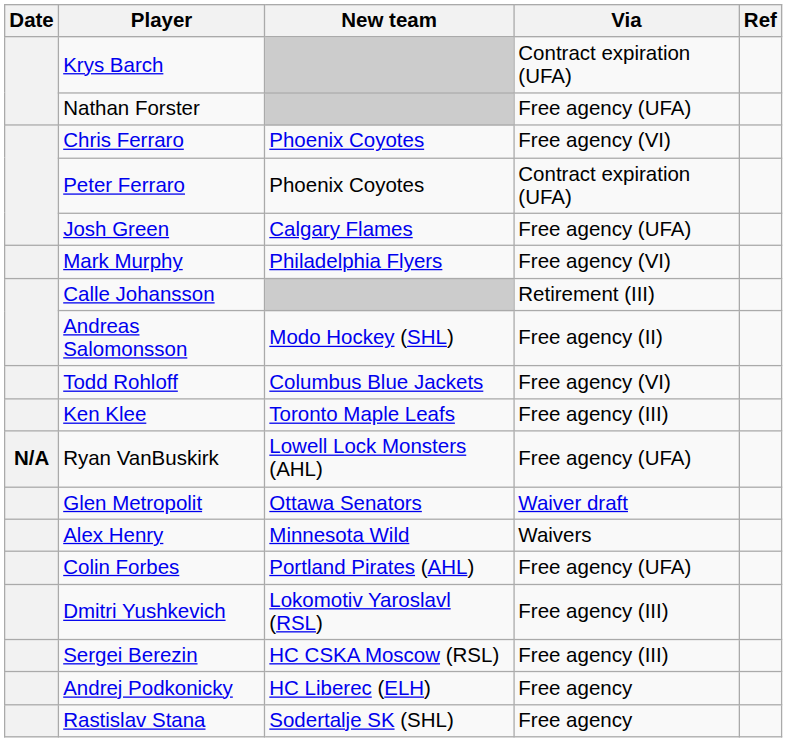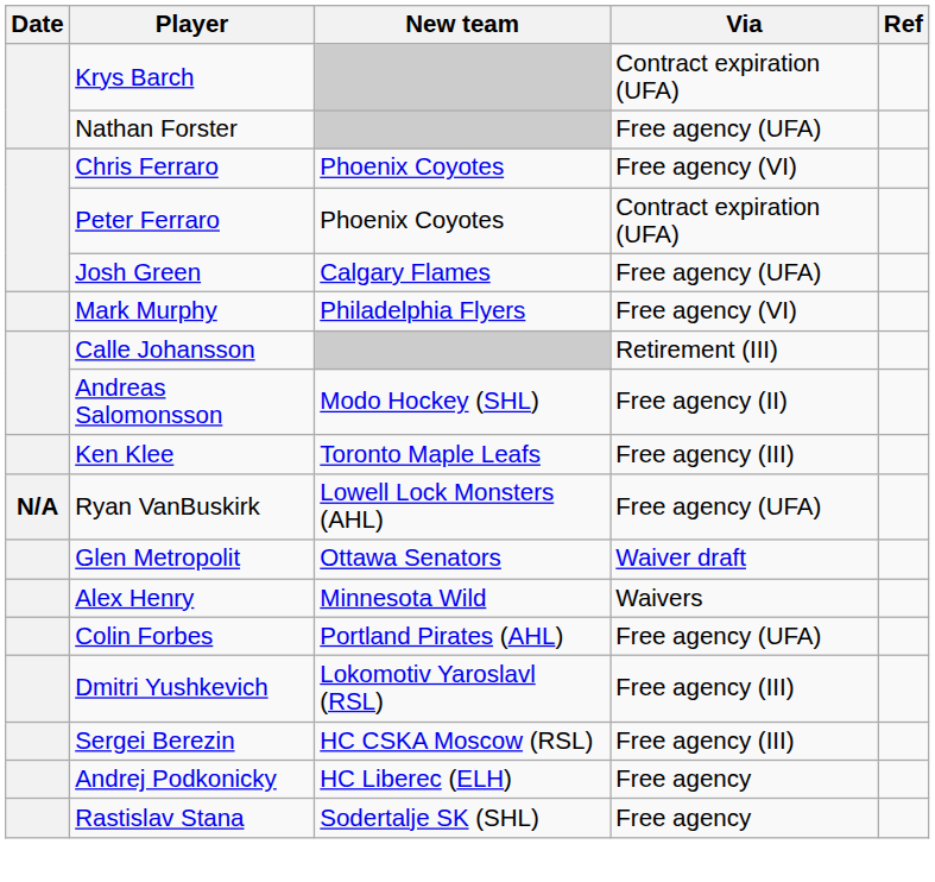 <table class="wikitable plainrowheaders">
 <tr style="background:#ddd; text-align:center;">
 <th>Date</th>
 <th>Player</th>
 <th>New team</th>
 <th>Via</th>
 <th>Ref</th>
 </tr>
 <tr>
 <th scope="row" rowspan=2></th>
 <td><a href='#'>Krys Barch</a></td>
 <td style="background:#ccc"></td>
 <td>Contract expiration (UFA)</td>
 <td></td>
 </tr>
 <tr>
 <td>Nathan Forster</td>
 <td style="background:#ccc"></td>
 <td>Free agency (UFA)</td>
 <td></td>
 </tr>
 <tr>
 <th scope="row" rowspan=3></th>
 <td><a href='#'>Chris Ferraro</a></td>
 <td><a href='#'>Phoenix Coyotes</a></td>
 <td>Free agency (VI)</td>
 <td></td>
 </tr>
 <tr>
 <td><a href='#'>Peter Ferraro</a></td>
 <td>Phoenix Coyotes</td>
 <td>Contract expiration (UFA)</td>
 <td></td>
 </tr>
 <tr>
 <td><a href='#'>Josh Green</a></td>
 <td><a href='#'>Calgary Flames</a></td>
 <td>Free agency (UFA)</td>
 <td></td>
 </tr>
 <tr>
 <th scope="row"></th>
 <td><a href='#'>Mark Murphy</a></td>
 <td><a href='#'>Philadelphia Flyers</a></td>
 <td>Free agency (VI)</td>
 <td></td>
 </tr>
 <tr>
 <th scope="row" rowspan=2></th>
 <td><a href='#'>Calle Johansson</a></td>
 <td style="background:#ccc"></td>
 <td>Retirement (III)</td>
 <td></td>
 </tr>
 <tr>
 <td><a href='#'>Andreas Salomonsson</a></td>
 <td><a href='#'>Modo Hockey</a> (<a href='#'>SHL</a>)</td>
 <td>Free agency (II)</td>
-<td></td>
-</tr>
-<tr>
-<th scope="row"></th>
-<td><a href='#'>Todd Rohloff</a></td>
-<td><a href='#'>Columbus Blue Jackets</a></td>
-<td>Free agency (VI)</td>
 <td></td>
 </tr>
 <tr>
 <th scope="row"></th>
 <td><a href='#'>Ken Klee</a></td>
 <td><a href='#'>Toronto Maple Leafs</a></td>
 <td>Free agency (III)</td>
 <td></td>
 </tr>
 <tr>
 <th scope="row">N/A</th>
 <td>Ryan VanBuskirk</td>
 <td><a href='#'>Lowell Lock Monsters</a> (AHL)</td>
 <td>Free agency (UFA)</td>
 <td></td>
 </tr>
 <tr>
 <th scope="row"></th>
 <td><a href='#'>Glen Metropolit</a></td>
 <td><a href='#'>Ottawa Senators</a></td>
 <td><a href='#'>Waiver draft</a></td>
 <td></td>
 </tr>
 <tr>
 <th scope="row"></th>
 <td><a href='#'>Alex Henry</a></td>
 <td><a href='#'>Minnesota Wild</a></td>
 <td>Waivers</td>
 <td></td>
 </tr>
 <tr>
 <th scope="row"></th>
 <td><a href='#'>Colin Forbes</a></td>
 <td><a href='#'>Portland Pirates</a> (<a href='#'>AHL</a>)</td>
 <td>Free agency (UFA)</td>
 <td></td>
 </tr>
 <tr>
 <th scope="row"></th>
 <td><a href='#'>Dmitri Yushkevich</a></td>
 <td><a href='#'>Lokomotiv Yaroslavl</a> (<a href='#'>RSL</a>)</td>
 <td>Free agency (III)</td>
 <td></td>
 </tr>
 <tr>
 <th scope="row"></th>
 <td><a href='#'>Sergei Berezin</a></td>
 <td><a href='#'>HC CSKA Moscow</a> (RSL)</td>
 <td>Free agency (III)</td>
 <td></td>
 </tr>
 <tr>
 <th scope="row"></th>
 <td><a href='#'>Andrej Podkonicky</a></td>
 <td><a href='#'>HC Liberec</a> (<a href='#'>ELH</a>)</td>
 <td>Free agency</td>
 <td></td>
 </tr>
 <tr>
 <th scope="row"></th>
 <td><a href='#'>Rastislav Stana</a></td>
 <td><a href='#'>Sodertalje SK</a> (SHL)</td>
 <td>Free agency</td>
 <td></td>
 </tr>
 </table>
